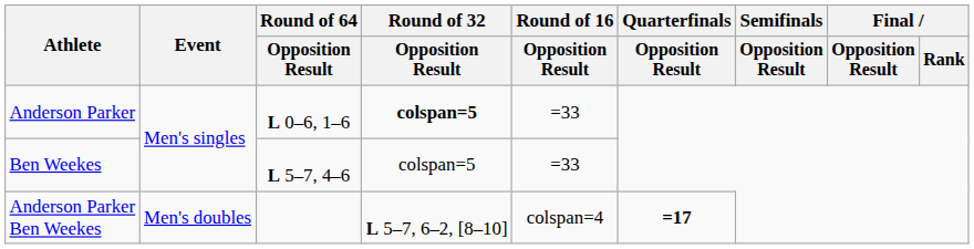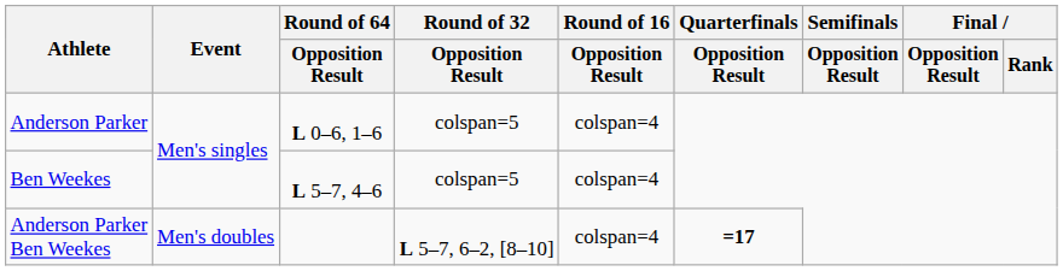 <table class=wikitable style=font-size:90%;text-align:center>
 <tr>
 <th rowspan=2>Athlete</th>
 <th rowspan=2>Event</th>
 <th>Round of 64</th>
 <th>Round of 32</th>
 <th>Round of 16</th>
 <th>Quarterfinals</th>
 <th>Semifinals</th>
 <th colspan=2>Final / </th>
 </tr>
 <tr style=font-size:95%>
 <th>Opposition<br>Result</th>
 <th>Opposition<br>Result</th>
 <th>Opposition<br>Result</th>
 <th>Opposition<br>Result</th>
 <th>Opposition<br>Result</th>
 <th>Opposition<br>Result</th>
 <th>Rank</th>
 </tr>
 <tr>
 <td align=left><a href='#'>Anderson Parker</a></td>
 <td align=left rowspan=2><a href='#'>Men's singles</a></td>
 <td><br><strong>L</strong> 0–6, 1–6</td>
-<td><strong>colspan=5 </strong></td>
-<td>=33</td>
+<td>colspan=5 </td>
+<td>colspan=4 </td>
 </tr>
 <tr>
 <td align=left><a href='#'>Ben Weekes</a></td>
 <td><br><strong>L</strong> 5–7, 4–6</td>
 <td>colspan=5 </td>
-<td>=33</td>
+<td>colspan=4 </td>
 </tr>
 <tr>
 <td align=left><a href='#'>Anderson Parker</a><br><a href='#'>Ben Weekes</a></td>
 <td align=left><a href='#'>Men's doubles</a></td>
 <td></td>
 <td><br><strong>L</strong> 5–7, 6–2, [8–10]</td>
 <td>colspan=4 </td>
 <td><strong>=17</strong></td>
 </tr>
 </table>
